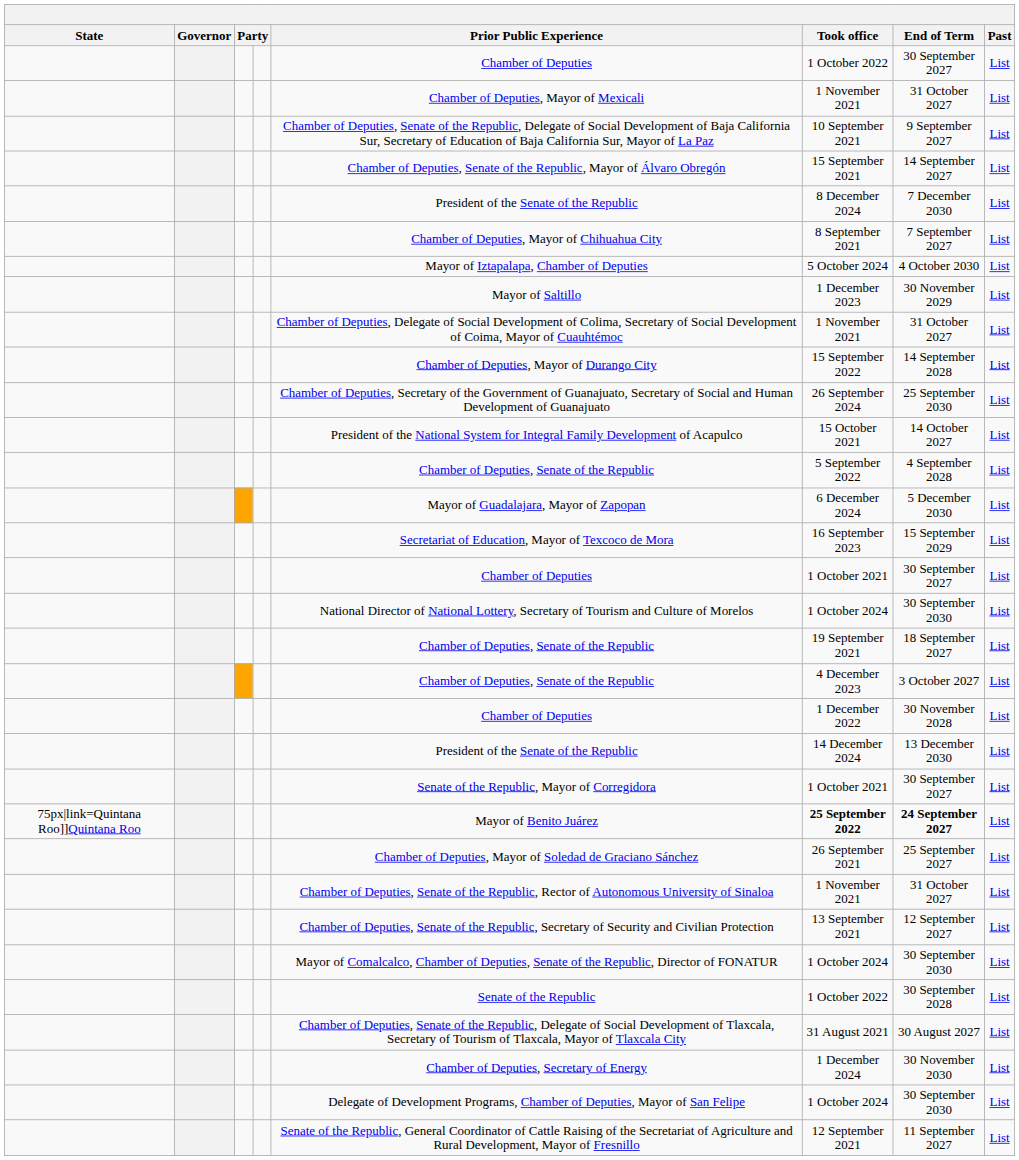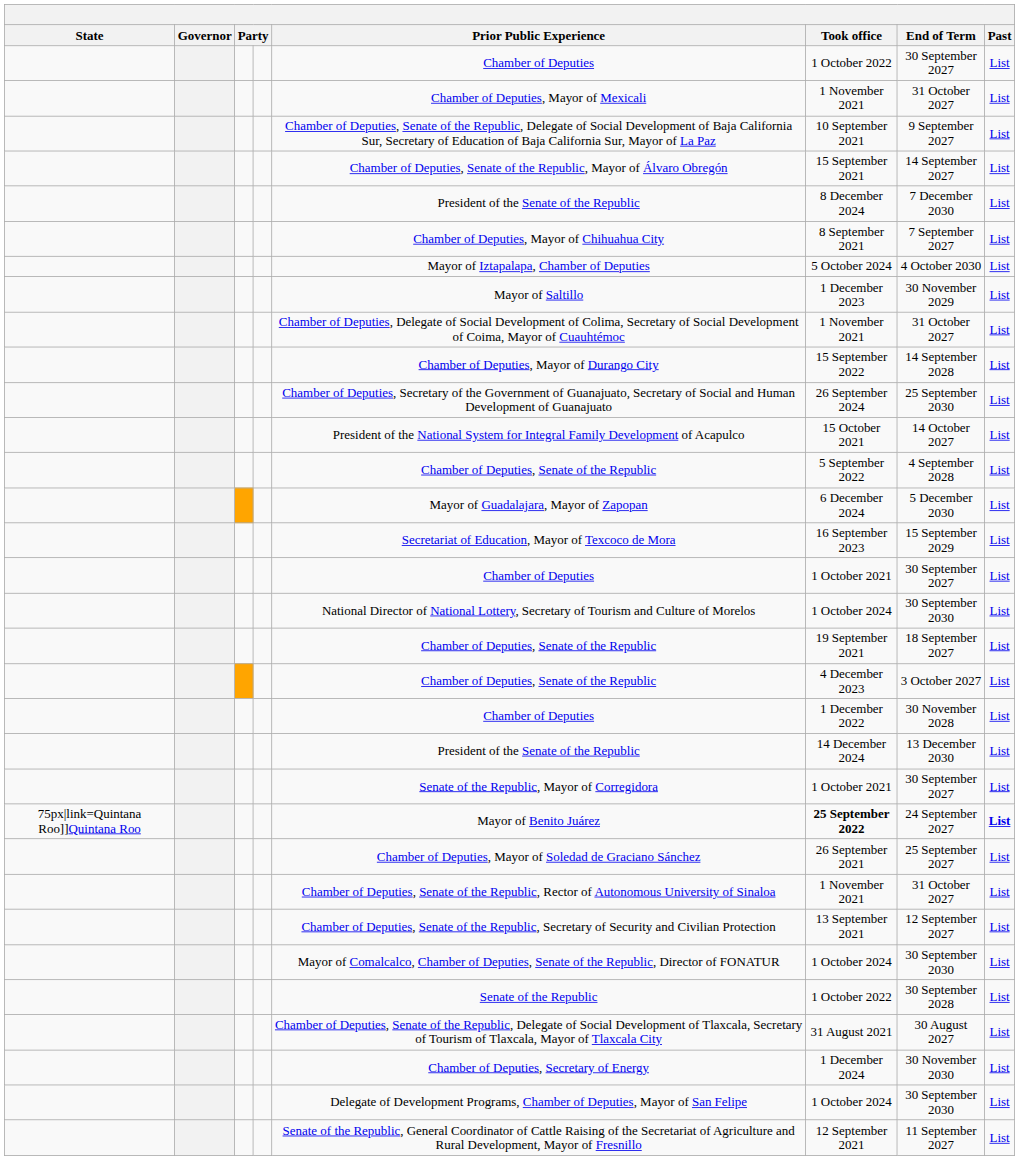 <table class="sortable wikitable" style=text-align:center>
 <tr>
 <th colspan=11><br>           </th>
 </tr>
 <tr>
 <th scope=col>State</th>
 <th scope=col>Governor</th>
 <th scope=col colspan=2>Party</th>
 <th scope=col>Prior Public Experience</th>
 <th scope=col>Took office</th>
 <th scope=col>End of Term</th>
 <th scope=col class=unsortable>Past</th>
 </tr>
 <tr>
 <td></td>
 <th scope=row></th>
 <td style="background:"></td>
 <td></td>
 <td><a href='#'>Chamber of Deputies</a></td>
 <td>1 October 2022</td>
 <td>30 September 2027</td>
 <td><a href='#'>List</a></td>
 </tr>
 <tr>
 <td></td>
 <th scope=row></th>
 <td style=background:></td>
 <td></td>
 <td><a href='#'>Chamber of Deputies</a>, Mayor of <a href='#'>Mexicali</a></td>
 <td>1 November 2021</td>
 <td>31 October 2027</td>
 <td><a href='#'>List</a></td>
 </tr>
 <tr>
 <td></td>
 <th scope=row></th>
 <td style=background:></td>
 <td></td>
 <td><a href='#'>Chamber of Deputies</a>, <a href='#'>Senate of the Republic</a>, Delegate of Social Development of Baja California Sur, Secretary of Education of Baja California Sur, Mayor of <a href='#'>La Paz</a></td>
 <td>10 September 2021</td>
 <td>9 September 2027</td>
 <td><a href='#'>List</a></td>
 </tr>
 <tr>
 <td></td>
 <th scope=row></th>
 <td style=background:></td>
 <td></td>
 <td><a href='#'>Chamber of Deputies</a>, <a href='#'>Senate of the Republic</a>, Mayor of <a href='#'>Álvaro Obregón</a></td>
 <td>15 September 2021</td>
 <td>14 September 2027</td>
 <td><a href='#'>List</a></td>
 </tr>
 <tr>
 <td></td>
 <th scope=row></th>
 <td style=background:></td>
 <td></td>
 <td>President of the <a href='#'>Senate of the Republic</a></td>
 <td>8 December 2024</td>
 <td>7 December 2030</td>
 <td><a href='#'>List</a></td>
 </tr>
 <tr>
 <td></td>
 <th scope=row></th>
 <td style="background:"></td>
 <td></td>
 <td><a href='#'>Chamber of Deputies</a>, Mayor of <a href='#'>Chihuahua City</a></td>
 <td>8 September 2021</td>
 <td>7 September 2027</td>
 <td><a href='#'>List</a></td>
 </tr>
 <tr>
 <td></td>
 <th scope=row></th>
 <td style=background:></td>
 <td></td>
 <td>Mayor of <a href='#'>Iztapalapa</a>, <a href='#'>Chamber of Deputies</a></td>
 <td>5 October 2024</td>
 <td>4 October 2030</td>
 <td><a href='#'>List</a></td>
 </tr>
 <tr>
 <td></td>
 <th scope=row></th>
 <td style=background:></td>
 <td></td>
 <td>Mayor of <a href='#'>Saltillo</a></td>
 <td>1 December 2023</td>
 <td>30 November 2029</td>
 <td><a href='#'>List</a></td>
 </tr>
 <tr>
 <td></td>
 <th scope=row></th>
 <td style=background:></td>
 <td></td>
 <td><a href='#'>Chamber of Deputies</a>, Delegate of Social Development of Colima, Secretary of Social Development of Coima, Mayor of <a href='#'>Cuauhtémoc</a></td>
 <td>1 November 2021</td>
 <td>31 October 2027</td>
 <td><a href='#'>List</a></td>
 </tr>
 <tr>
 <td></td>
 <th scope=row></th>
 <td style="background:"></td>
 <td></td>
 <td><a href='#'>Chamber of Deputies</a>, Mayor of <a href='#'>Durango City</a></td>
 <td>15 September 2022</td>
 <td>14 September 2028</td>
 <td><a href='#'>List</a></td>
 </tr>
 <tr>
 <td></td>
 <th scope=row></th>
 <td style="background:"></td>
 <td></td>
 <td><a href='#'>Chamber of Deputies</a>, Secretary of the Government of Guanajuato, Secretary of Social and Human Development of Guanajuato</td>
 <td>26 September 2024</td>
 <td>25 September 2030</td>
 <td><a href='#'>List</a></td>
 </tr>
 <tr>
 <td></td>
 <th scope=row></th>
 <td style=background:></td>
 <td></td>
 <td>President of the <a href='#'>National System for Integral Family Development</a> of Acapulco</td>
 <td>15 October 2021</td>
 <td>14 October 2027</td>
 <td><a href='#'>List</a></td>
 </tr>
 <tr>
 <td></td>
 <th scope=row></th>
 <td style=background:></td>
 <td></td>
 <td><a href='#'>Chamber of Deputies</a>, <a href='#'>Senate of the Republic</a></td>
 <td>5 September 2022</td>
 <td>4 September 2028</td>
 <td><a href='#'>List</a></td>
 </tr>
 <tr>
 <td></td>
 <th scope=row></th>
 <td bgcolor=#FFA500></td>
 <td></td>
 <td>Mayor of <a href='#'>Guadalajara</a>, Mayor of <a href='#'>Zapopan</a></td>
 <td>6 December 2024</td>
 <td>5 December 2030</td>
 <td><a href='#'>List</a></td>
 </tr>
 <tr>
 <td></td>
 <th scope=row></th>
 <td style=background:></td>
 <td></td>
 <td><a href='#'>Secretariat of Education</a>, Mayor of <a href='#'>Texcoco de Mora</a></td>
 <td>16 September 2023</td>
 <td>15 September 2029</td>
 <td><a href='#'>List</a></td>
 </tr>
 <tr>
 <td></td>
 <th scope=row></th>
 <td style=background:></td>
 <td></td>
 <td><a href='#'>Chamber of Deputies</a></td>
 <td>1 October 2021</td>
 <td>30 September 2027</td>
 <td><a href='#'>List</a></td>
 </tr>
 <tr>
 <td></td>
 <th scope=row></th>
 <td style=background:></td>
 <td></td>
 <td>National Director of <a href='#'>National Lottery</a>, Secretary of Tourism and Culture of Morelos</td>
 <td>1 October 2024</td>
 <td>30 September 2030</td>
 <td><a href='#'>List</a></td>
 </tr>
 <tr>
 <td></td>
 <th scope=row></th>
 <td style=background:></td>
 <td></td>
 <td><a href='#'>Chamber of Deputies</a>, <a href='#'>Senate of the Republic</a></td>
 <td>19 September 2021</td>
 <td>18 September 2027</td>
 <td><a href='#'>List</a></td>
 </tr>
 <tr>
 <td></td>
 <th scope=row></th>
 <td bgcolor=#FFA500></td>
 <td></td>
 <td><a href='#'>Chamber of Deputies</a>, <a href='#'>Senate of the Republic</a></td>
 <td>4 December  2023</td>
 <td>3 October 2027</td>
 <td><a href='#'>List</a></td>
 </tr>
 <tr>
 <td></td>
 <th scope=row></th>
 <td style=background:></td>
 <td></td>
 <td><a href='#'>Chamber of Deputies</a></td>
 <td>1 December 2022</td>
 <td>30 November 2028</td>
 <td><a href='#'>List</a></td>
 </tr>
 <tr>
 <td></td>
 <th scope=row></th>
 <td style=background:></td>
 <td></td>
 <td>President of the <a href='#'>Senate of the Republic</a></td>
 <td>14 December 2024</td>
 <td>13 December 2030</td>
 <td><a href='#'>List</a></td>
 </tr>
 <tr>
 <td></td>
 <th scope=row></th>
 <td style=background:></td>
 <td></td>
 <td><a href='#'>Senate of the Republic</a>, Mayor of <a href='#'>Corregidora</a></td>
 <td>1 October 2021</td>
 <td>30 September 2027</td>
 <td><a href='#'>List</a></td>
 </tr>
 <tr>
 <td [[File:>75px|link=Quintana Roo]]<a href='#'>Quintana Roo</a></td>
 <th scope=row></th>
 <td style=background:></td>
 <td></td>
 <td>Mayor of <a href='#'>Benito Juárez</a></td>
 <td><strong>25 September 2022</strong></td>
-<td><strong>24 September 2027</strong></td>
-<td><a href='#'>List</a></td>
+<td>24 September 2027</td>
+<td><strong><a href='#'>List</a></strong></td>
 </tr>
 <tr>
 <td></td>
 <th scope=row></th>
 <td style=background:></td>
 <td></td>
 <td><a href='#'>Chamber of Deputies</a>, Mayor of <a href='#'>Soledad de Graciano Sánchez</a></td>
 <td>26 September 2021</td>
 <td>25 September 2027</td>
 <td><a href='#'>List</a></td>
 </tr>
 <tr>
 <td></td>
 <th scope=row></th>
 <td style=background:></td>
 <td></td>
 <td><a href='#'>Chamber of Deputies</a>, <a href='#'>Senate of the Republic</a>, Rector of <a href='#'>Autonomous University of Sinaloa</a></td>
 <td>1 November 2021</td>
 <td>31 October 2027</td>
 <td><a href='#'>List</a></td>
 </tr>
 <tr>
 <td></td>
 <th scope=row></th>
 <td style=background:></td>
 <td></td>
 <td><a href='#'>Chamber of Deputies</a>, <a href='#'>Senate of the Republic</a>, Secretary of Security and Civilian Protection</td>
 <td>13 September 2021</td>
 <td>12 September 2027</td>
 <td><a href='#'>List</a></td>
 </tr>
 <tr>
 <td></td>
 <th scope=row></th>
 <td style=background:></td>
 <td></td>
 <td>Mayor of <a href='#'>Comalcalco</a>, <a href='#'>Chamber of Deputies</a>, <a href='#'>Senate of the Republic</a>, Director of FONATUR</td>
 <td>1 October 2024</td>
 <td>30 September 2030</td>
 <td><a href='#'>List</a></td>
 </tr>
 <tr>
 <td></td>
 <th scope=row></th>
 <td style="background:"></td>
 <td></td>
 <td><a href='#'>Senate of the Republic</a></td>
 <td>1 October 2022</td>
 <td>30 September 2028</td>
 <td><a href='#'>List</a></td>
 </tr>
 <tr>
 <td></td>
 <th scope=row></th>
 <td style=background:></td>
 <td></td>
 <td><a href='#'>Chamber of Deputies</a>, <a href='#'>Senate of the Republic</a>, Delegate of Social Development of Tlaxcala, Secretary of Tourism of Tlaxcala, Mayor of <a href='#'>Tlaxcala City</a></td>
 <td>31 August 2021</td>
 <td>30 August 2027</td>
 <td><a href='#'>List</a></td>
 </tr>
 <tr>
 <td></td>
 <th scope=row></th>
 <td style=background:></td>
 <td></td>
 <td><a href='#'>Chamber of Deputies</a>, <a href='#'>Secretary of Energy</a></td>
 <td>1 December 2024</td>
 <td>30 November 2030</td>
 <td><a href='#'>List</a></td>
 </tr>
 <tr>
 <td></td>
 <th scope=row></th>
 <td style=background:></td>
 <td></td>
 <td>Delegate of Development Programs, <a href='#'>Chamber of Deputies</a>, Mayor of <a href='#'>San Felipe</a></td>
 <td>1 October 2024</td>
 <td>30 September 2030</td>
 <td><a href='#'>List</a></td>
 </tr>
 <tr>
 <td></td>
 <th scope=row></th>
 <td style=background:></td>
 <td></td>
 <td><a href='#'>Senate of the Republic</a>, General Coordinator of Cattle Raising of the Secretariat of Agriculture and Rural Development, Mayor of <a href='#'>Fresnillo</a></td>
 <td>12 September 2021</td>
 <td>11 September 2027</td>
 <td><a href='#'>List</a></td>
 </tr>
 </table>
